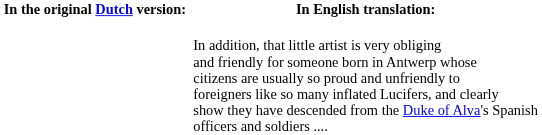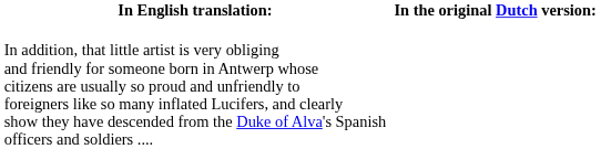 <table>
 <tr>
+<th>In English translation:</th>
+<th></th>
 <th>In the original <a href='#'>Dutch</a> version:</th>
-<th></th>
-<th>In English translation:</th>
 </tr>
 <tr>
+<td><br>In addition, that little artist is very obliging<br> and friendly for someone born in Antwerp whose<br> citizens are usually so proud and unfriendly to<br> foreigners like so many inflated Lucifers, and clearly<br> show they have descended from the <a href='#'>Duke of Alva</a>'s Spanish<br> officers and soldiers ....</td>
+<td></td>
 <td><br></td>
-<td></td>
-<td><br>In addition, that little artist is very obliging<br> and friendly for someone born in Antwerp whose<br> citizens are usually so proud and unfriendly to<br> foreigners like so many inflated Lucifers, and clearly<br> show they have descended from the <a href='#'>Duke of Alva</a>'s Spanish<br> officers and soldiers ....</td>
 </tr>
 </table>
